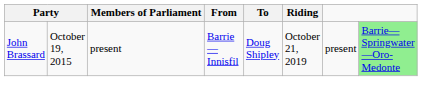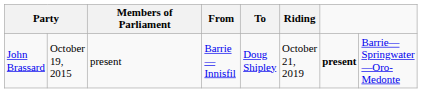 <table class="wikitable">
 <tr>
 <th colspan=2 style="width: 130px">Party</th>
 <th style="width: 170px">Members of Parliament</th>
 <th style="width: 50px">From</th>
 <th style="width: 50px">To</th>
 <th style="width: 40px">Riding</th>
 </tr>
 <tr>
 <td><a href='#'>John Brassard</a></td>
 <td>October 19, 2015</td>
 <td>present</td>
 <td><a href='#'>Barrie—Innisfil</a><br></td>
 <td><a href='#'>Doug Shipley</a></td>
 <td>October 21, 2019</td>
-<td>present</td>
-<td style="background: lightgreen;"><a href='#'>Barrie—Springwater—Oro-Medonte</a></td>
+<td><strong>present</strong></td>
+<td><a href='#'>Barrie—Springwater—Oro-Medonte</a></td>
 </tr>
 </table>
